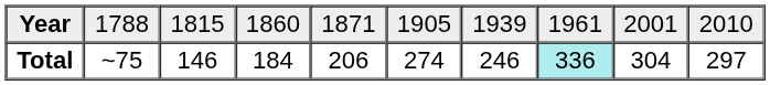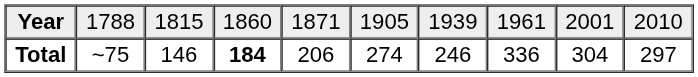 <table border="1" cellpadding="2" cellspacing="0" width="500">
 <tr bgcolor="#eeeeee" align="center">
 <td><strong>Year</strong></td>
 <td>1788</td>
 <td>1815</td>
 <td>1860</td>
 <td>1871</td>
 <td>1905</td>
 <td>1939</td>
 <td>1961</td>
 <td>2001</td>
 <td>2010</td>
 </tr>
 <tr align="center">
 <td><strong>Total</strong></td>
 <td>~75</td>
 <td>146</td>
-<td>184</td>
+<td><strong>184</strong></td>
 <td>206</td>
 <td>274</td>
 <td>246</td>
-<td style="background: paleturquoise;">336</td>
+<td>336</td>
 <td>304</td>
 <td>297</td>
 </tr>
 </table>
